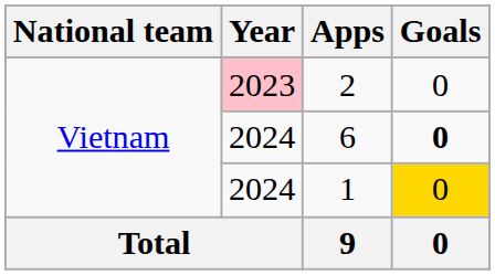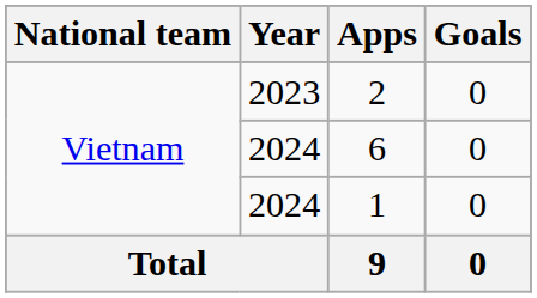 <table class="wikitable" style="text-align: center;">
 <tr>
 <th>National team</th>
 <th>Year</th>
 <th>Apps</th>
 <th>Goals</th>
 </tr>
 <tr>
 <td rowspan=3><a href='#'>Vietnam</a></td>
-<td style="background: pink;">2023</td>
+<td>2023</td>
 <td>2</td>
 <td>0</td>
 </tr>
 <tr>
 <td>2024</td>
 <td>6</td>
-<td><strong>0</strong></td>
+<td>0</td>
 </tr>
 <tr>
 <td>2024</td>
 <td>1</td>
-<td style="background: gold;">0</td>
+<td>0</td>
 </tr>
 <tr>
 <th colspan=2>Total</th>
 <th>9</th>
 <th>0</th>
 </tr>
 </table>
